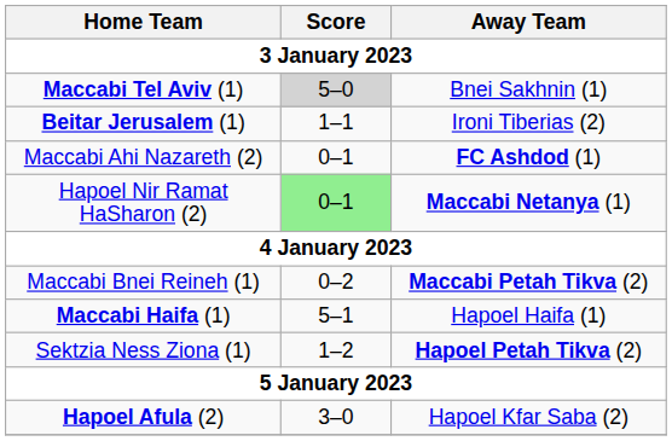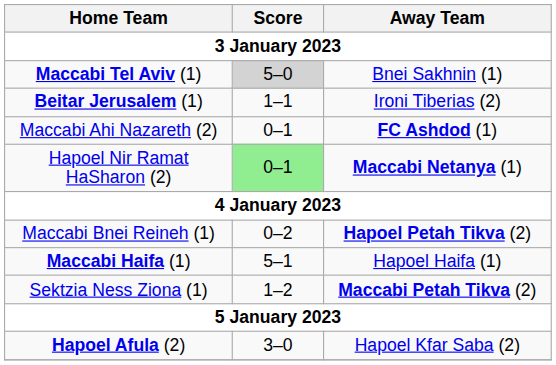 <table class="wikitable" style="text-align: center;">
 <tr>
 <th width="200px">Home Team</th>
 <th width="75px">Score</th>
 <th width="200px">Away Team</th>
 </tr>
 <tr>
 <td colspan=4 bgcolor=White><strong>3 January 2023</strong></td>
 </tr>
 <tr>
 <td><strong><a href='#'>Maccabi Tel Aviv</a></strong> (1)</td>
 <td style="background: lightgrey;">5–0</td>
 <td><a href='#'>Bnei Sakhnin</a> (1)</td>
 </tr>
 <tr>
 <td><strong><a href='#'>Beitar Jerusalem</a></strong> (1)</td>
 <td>1–1  </td>
 <td><a href='#'>Ironi Tiberias</a> (2)</td>
 </tr>
 <tr>
 <td><a href='#'>Maccabi Ahi Nazareth</a> (2)</td>
 <td>0–1</td>
 <td><strong><a href='#'>FC Ashdod</a></strong> (1)</td>
 </tr>
 <tr>
 <td><a href='#'>Hapoel Nir Ramat HaSharon</a> (2)</td>
 <td style="background: lightgreen;">0–1</td>
 <td><strong><a href='#'>Maccabi Netanya</a></strong> (1)</td>
 </tr>
 <tr>
 <td colspan=4 bgcolor=White><strong>4 January 2023</strong></td>
 </tr>
 <tr>
 <td><a href='#'>Maccabi Bnei Reineh</a> (1)</td>
 <td>0–2</td>
-<td><strong><a href='#'>Maccabi Petah Tikva</a></strong> (2)</td>
+<td><strong><a href='#'>Hapoel Petah Tikva</a></strong> (2)</td>
 </tr>
 <tr>
 <td><strong><a href='#'>Maccabi Haifa</a></strong> (1)</td>
 <td>5–1</td>
 <td><a href='#'>Hapoel Haifa</a> (1)</td>
 </tr>
 <tr>
 <td><a href='#'>Sektzia Ness Ziona</a> (1)</td>
 <td>1–2</td>
-<td><strong><a href='#'>Hapoel Petah Tikva</a></strong> (2)</td>
+<td><strong><a href='#'>Maccabi Petah Tikva</a></strong> (2)</td>
 </tr>
 <tr>
 <td colspan=4 bgcolor=White><strong>5 January 2023</strong></td>
 </tr>
 <tr>
 <td><strong><a href='#'>Hapoel Afula</a></strong> (2)</td>
 <td>3–0</td>
 <td><a href='#'>Hapoel Kfar Saba</a> (2)</td>
 </tr>
 <tr>
 </tr>
 </table>
